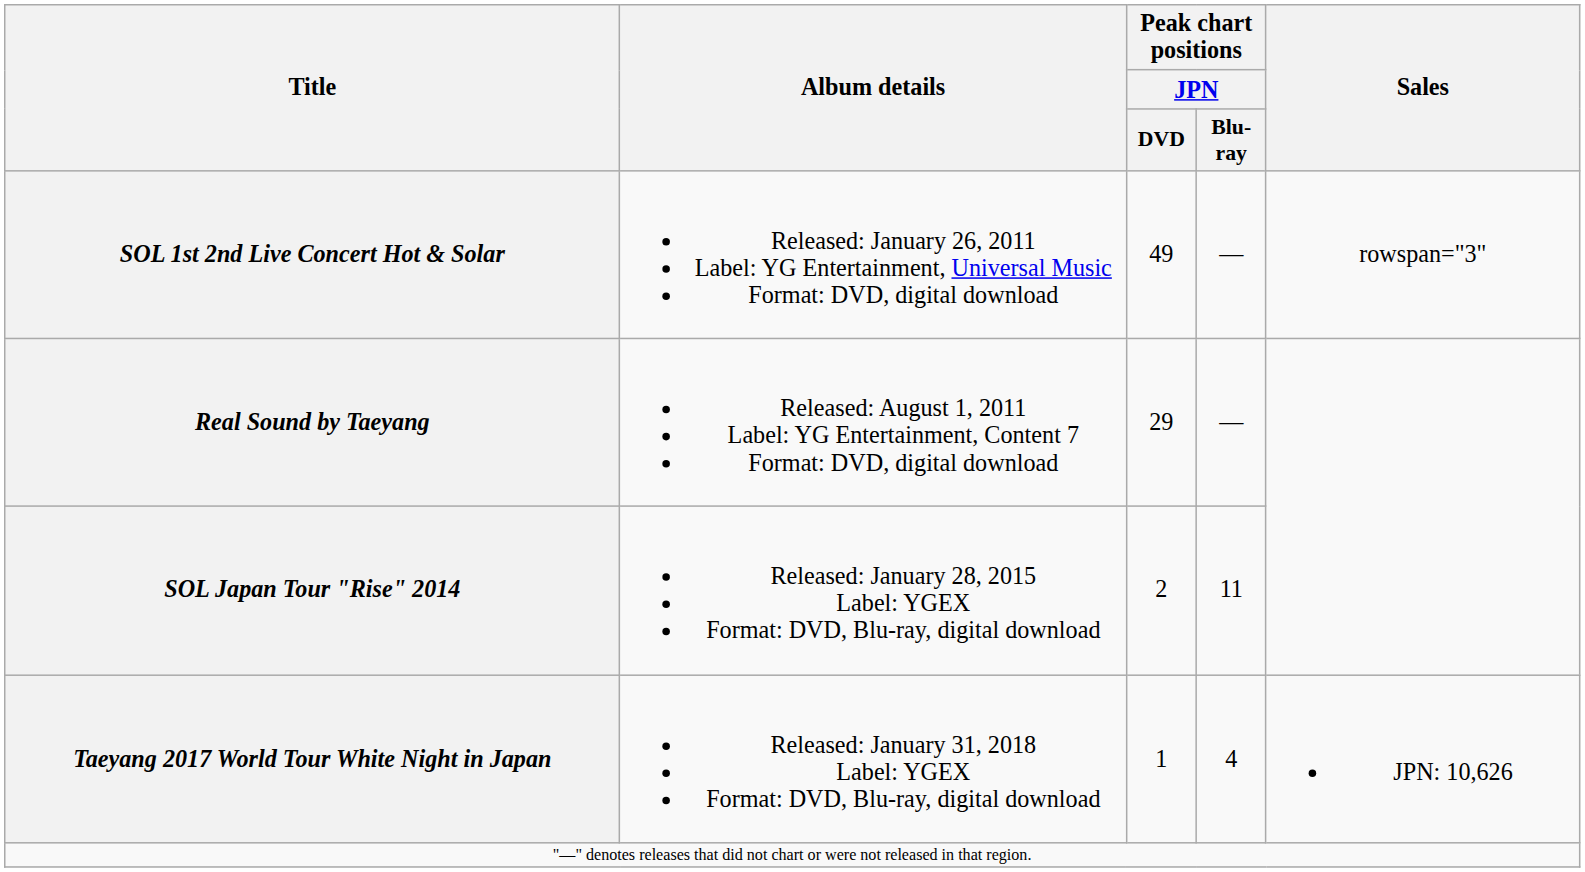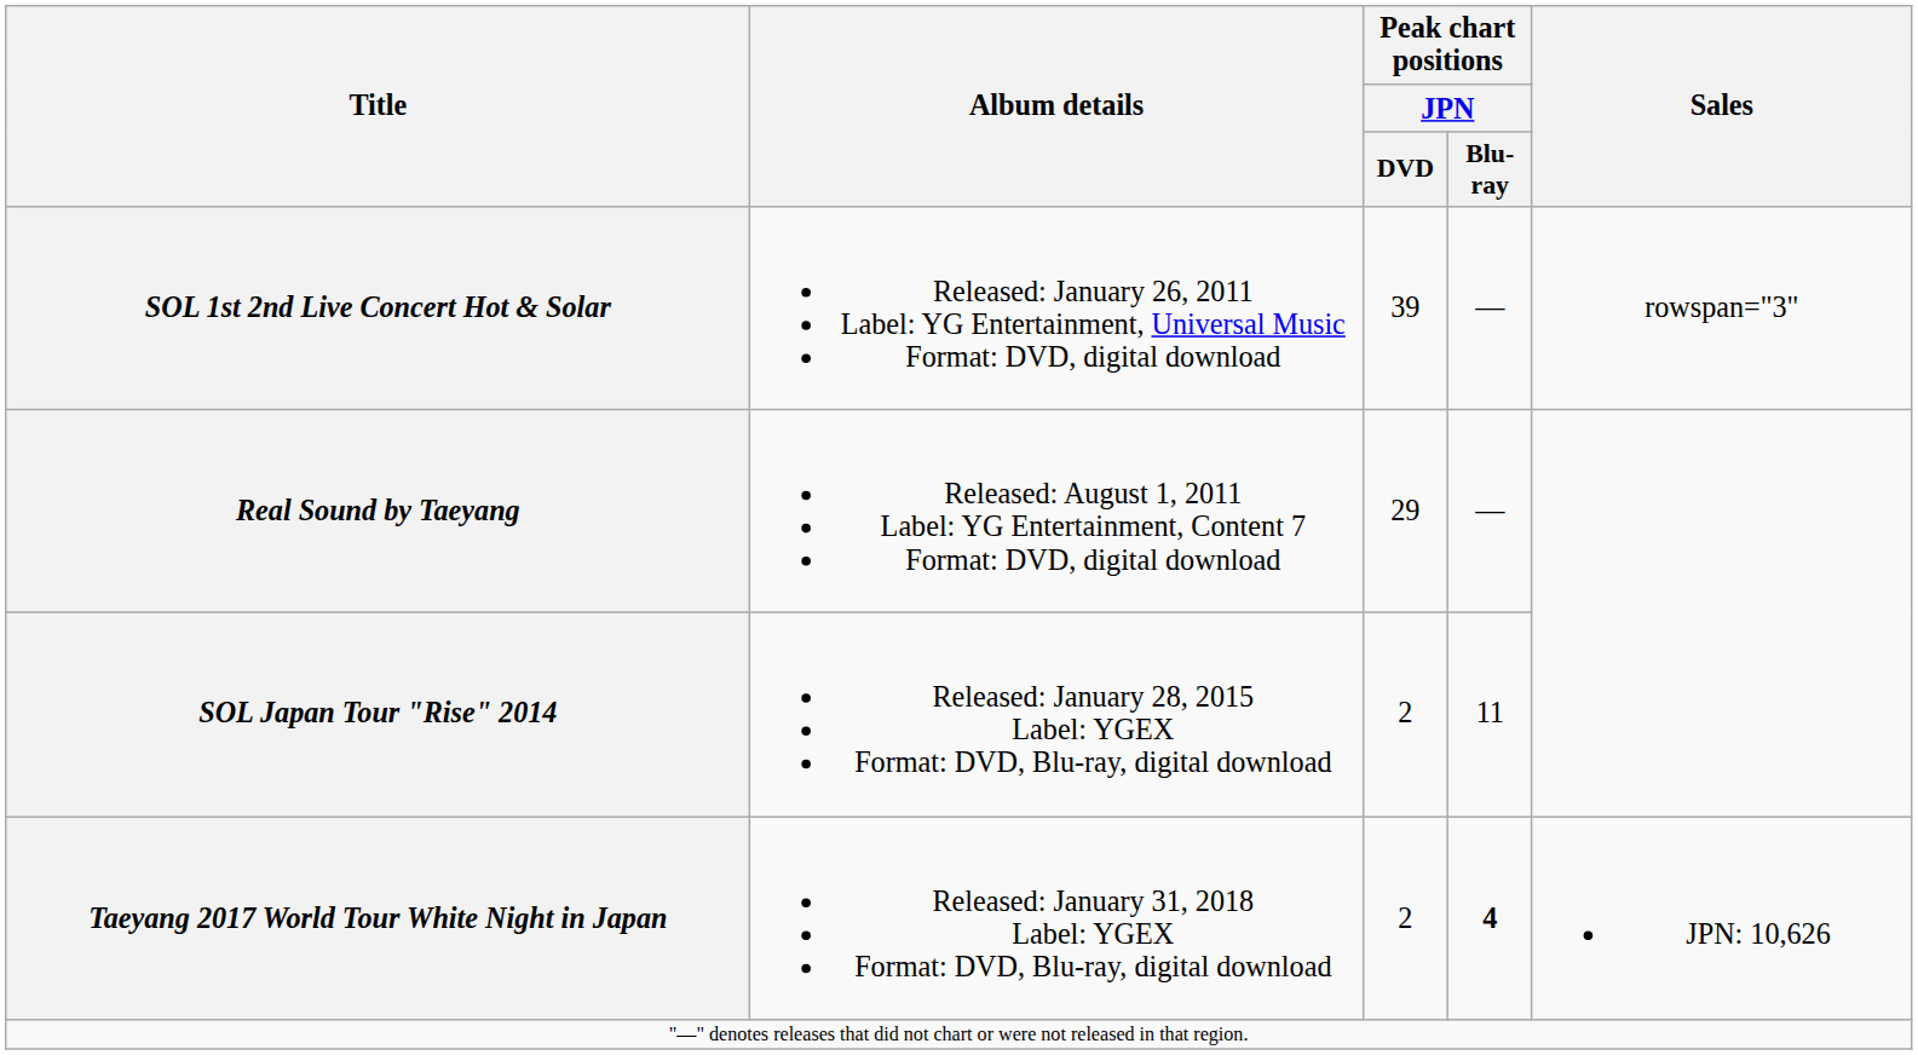 <table class="wikitable plainrowheaders" style="text-align:center;">
 <tr>
 <th scope="col" rowspan="3" style="width:25em;">Title</th>
 <th scope="col" rowspan="3" style="width:20.5em;">Album details</th>
 <th scope="col" colspan="2">Peak chart positions</th>
 <th scope="col" rowspan="3" style="width:12.5em;">Sales</th>
 </tr>
 <tr>
 <th scope="col" colspan="2"><a href='#'>JPN</a></th>
 </tr>
 <tr>
 <th scope="col" style="width:2.75em;font-size:90%;">DVD<br></th>
 <th scope="col" style="width:2.75em;font-size:90%;">Blu-ray<br></th>
 </tr>
 <tr>
 <th scope="row"><em>SOL 1st 2nd Live Concert Hot & Solar</em></th>
 <td><br><ul><li>Released: January 26, 2011</li><li>Label: YG Entertainment, <a href='#'>Universal Music</a></li><li>Format: DVD, digital download</li></ul></td>
-<td>49</td>
+<td>39</td>
 <td>—</td>
 <td>rowspan="3" </td>
 </tr>
 <tr>
 <th scope="row"><em>Real Sound by Taeyang</em></th>
 <td><br><ul><li>Released: August 1, 2011</li><li>Label: YG Entertainment, Content 7</li><li>Format: DVD, digital download</li></ul></td>
 <td>29</td>
 <td>—</td>
 </tr>
 <tr>
 <th scope="row"><em>SOL Japan Tour "Rise" 2014</em></th>
 <td><br><ul><li>Released: January 28, 2015</li><li>Label: YGEX</li><li>Format: DVD, Blu-ray, digital download</li></ul></td>
 <td>2</td>
 <td>11</td>
 </tr>
 <tr>
 <th scope="row"><em>Taeyang 2017 World Tour White Night in Japan</em></th>
 <td><br><ul><li>Released: January 31, 2018</li><li>Label: YGEX</li><li>Format: DVD, Blu-ray, digital download</li></ul></td>
-<td>1</td>
-<td>4</td>
+<td>2</td>
+<td><strong>4</strong></td>
 <td><br><ul><li>JPN: 10,626</li></ul></td>
 </tr>
 <tr>
 <td align="center" colspan="5" style="font-size:8pt">"—" denotes releases that did not chart or were not released in that region.</td>
 </tr>
 </table>
